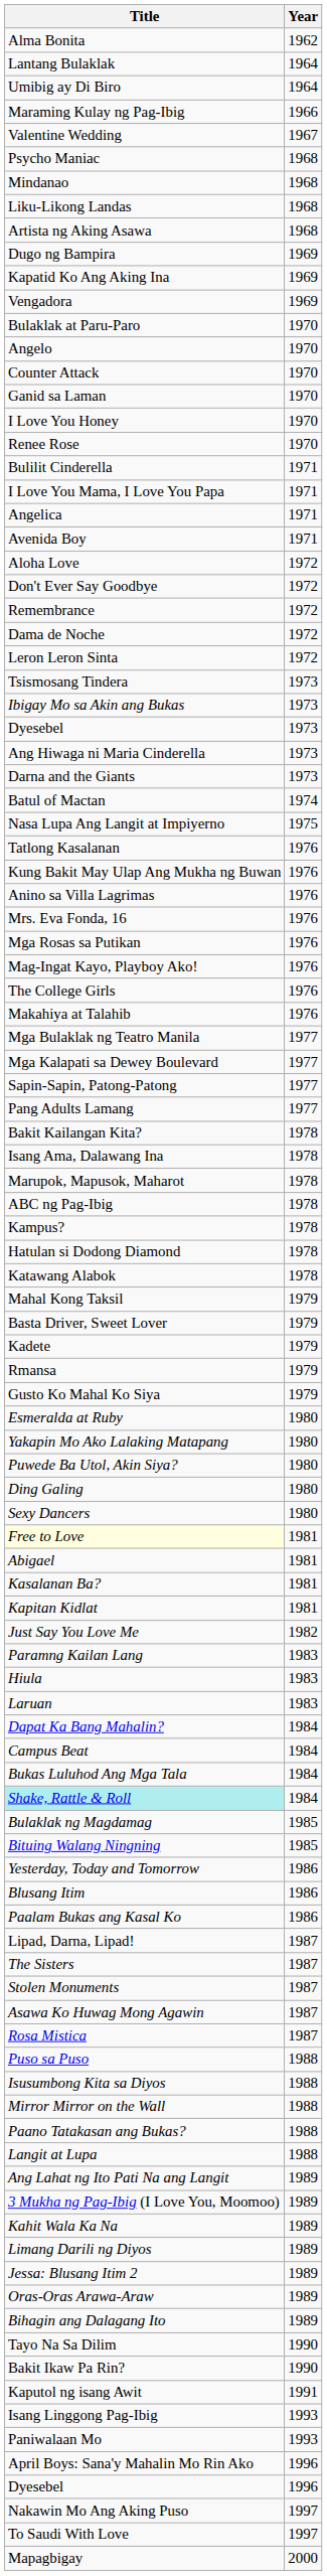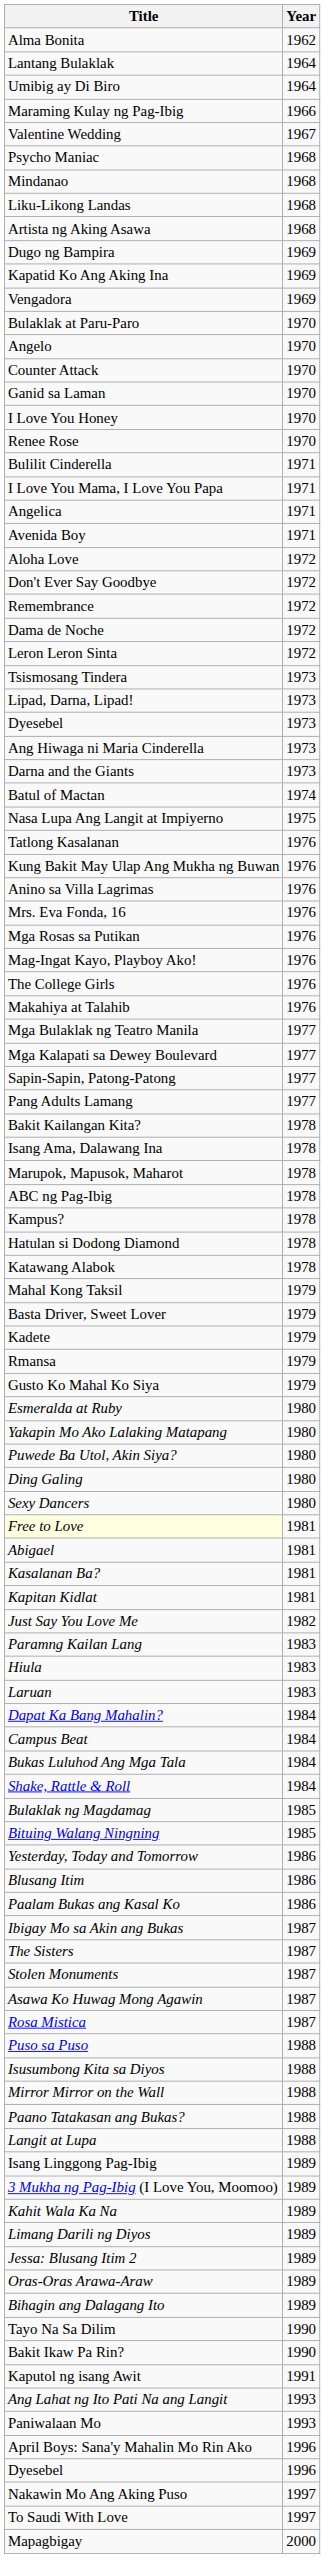 <table class="wikitable">
 <tr>
 <th>Title</th>
 <th>Year</th>
 </tr>
 <tr>
 <td>Alma Bonita</td>
 <td>1962</td>
 </tr>
 <tr>
 <td>Lantang Bulaklak</td>
 <td>1964</td>
 </tr>
 <tr>
 <td>Umibig ay Di Biro</td>
 <td>1964</td>
 </tr>
 <tr>
 <td>Maraming Kulay ng Pag-Ibig</td>
 <td>1966</td>
 </tr>
 <tr>
 <td>Valentine Wedding</td>
 <td>1967</td>
 </tr>
 <tr>
 <td>Psycho Maniac</td>
 <td>1968</td>
 </tr>
 <tr>
 <td>Mindanao</td>
 <td>1968</td>
 </tr>
 <tr>
 <td>Liku-Likong Landas</td>
 <td>1968</td>
 </tr>
 <tr>
 <td>Artista ng Aking Asawa</td>
 <td>1968</td>
 </tr>
 <tr>
 <td>Dugo ng Bampira</td>
 <td>1969</td>
 </tr>
 <tr>
 <td>Kapatid Ko Ang Aking Ina</td>
 <td>1969</td>
 </tr>
 <tr>
 <td>Vengadora</td>
 <td>1969</td>
 </tr>
 <tr>
 <td>Bulaklak at Paru-Paro</td>
 <td>1970</td>
 </tr>
 <tr>
 <td>Angelo</td>
 <td>1970</td>
 </tr>
 <tr>
 <td>Counter Attack</td>
 <td>1970</td>
 </tr>
 <tr>
 <td>Ganid sa Laman</td>
 <td>1970</td>
 </tr>
 <tr>
 <td>I Love You Honey</td>
 <td>1970</td>
 </tr>
 <tr>
 <td>Renee Rose</td>
 <td>1970</td>
 </tr>
 <tr>
 <td>Bulilit Cinderella</td>
 <td>1971</td>
 </tr>
 <tr>
 <td>I Love You Mama, I Love You Papa</td>
 <td>1971</td>
 </tr>
 <tr>
 <td>Angelica</td>
 <td>1971</td>
 </tr>
 <tr>
 <td>Avenida Boy</td>
 <td>1971</td>
 </tr>
 <tr>
 <td>Aloha Love</td>
 <td>1972</td>
 </tr>
 <tr>
 <td>Don't Ever Say Goodbye</td>
 <td>1972</td>
 </tr>
 <tr>
 <td>Remembrance</td>
 <td>1972</td>
 </tr>
 <tr>
 <td>Dama de Noche</td>
 <td>1972</td>
 </tr>
 <tr>
 <td>Leron Leron Sinta</td>
 <td>1972</td>
 </tr>
 <tr>
 <td>Tsismosang Tindera</td>
 <td>1973</td>
 </tr>
 <tr>
-<td><em>Ibigay Mo sa Akin ang Bukas</em></td>
+<td>Lipad, Darna, Lipad!</td>
 <td>1973</td>
 </tr>
 <tr>
 <td>Dyesebel</td>
 <td>1973</td>
 </tr>
 <tr>
 <td>Ang Hiwaga ni Maria Cinderella</td>
 <td>1973</td>
 </tr>
 <tr>
 <td>Darna and the Giants</td>
 <td>1973</td>
 </tr>
 <tr>
 <td>Batul of Mactan</td>
 <td>1974</td>
 </tr>
 <tr>
 <td>Nasa Lupa Ang Langit at Impiyerno</td>
 <td>1975</td>
 </tr>
 <tr>
 <td>Tatlong Kasalanan</td>
 <td>1976</td>
 </tr>
 <tr>
 <td>Kung Bakit May Ulap Ang Mukha ng Buwan</td>
 <td>1976</td>
 </tr>
 <tr>
 <td>Anino sa Villa Lagrimas</td>
 <td>1976</td>
 </tr>
 <tr>
 <td>Mrs. Eva Fonda, 16</td>
 <td>1976</td>
 </tr>
 <tr>
 <td>Mga Rosas sa Putikan</td>
 <td>1976</td>
 </tr>
 <tr>
 <td>Mag-Ingat Kayo, Playboy Ako!</td>
 <td>1976</td>
 </tr>
 <tr>
 <td>The College Girls</td>
 <td>1976</td>
 </tr>
 <tr>
 <td>Makahiya at Talahib</td>
 <td>1976</td>
 </tr>
 <tr>
 <td>Mga Bulaklak ng Teatro Manila</td>
 <td>1977</td>
 </tr>
 <tr>
 <td>Mga Kalapati sa Dewey Boulevard</td>
 <td>1977</td>
 </tr>
 <tr>
 <td>Sapin-Sapin, Patong-Patong</td>
 <td>1977</td>
 </tr>
 <tr>
 <td>Pang Adults Lamang</td>
 <td>1977</td>
 </tr>
 <tr>
 <td>Bakit Kailangan Kita?</td>
 <td>1978</td>
 </tr>
 <tr>
 <td>Isang Ama, Dalawang Ina</td>
 <td>1978</td>
 </tr>
 <tr>
 <td>Marupok, Mapusok, Maharot</td>
 <td>1978</td>
 </tr>
 <tr>
 <td>ABC ng Pag-Ibig</td>
 <td>1978</td>
 </tr>
 <tr>
 <td>Kampus?</td>
 <td>1978</td>
 </tr>
 <tr>
 <td>Hatulan si Dodong Diamond</td>
 <td>1978</td>
 </tr>
 <tr>
 <td>Katawang Alabok</td>
 <td>1978</td>
 </tr>
 <tr>
 <td>Mahal Kong Taksil</td>
 <td>1979</td>
 </tr>
 <tr>
 <td>Basta Driver, Sweet Lover</td>
 <td>1979</td>
 </tr>
 <tr>
 <td>Kadete</td>
 <td>1979</td>
 </tr>
 <tr>
 <td>Rmansa</td>
 <td>1979</td>
 </tr>
 <tr>
 <td>Gusto Ko Mahal Ko Siya</td>
 <td>1979</td>
 </tr>
 <tr>
 <td><em>Esmeralda at Ruby</em></td>
 <td>1980</td>
 </tr>
 <tr>
 <td><em>Yakapin Mo Ako Lalaking Matapang</em></td>
 <td>1980</td>
 </tr>
 <tr>
 <td><em>Puwede Ba Utol, Akin Siya?</em></td>
 <td>1980</td>
 </tr>
 <tr>
 <td><em>Ding Galing</em></td>
 <td>1980</td>
 </tr>
 <tr>
 <td><em>Sexy Dancers</em></td>
 <td>1980</td>
 </tr>
 <tr>
 <td style="background: lightyellow;"><em>Free to Love</em></td>
 <td>1981</td>
 </tr>
 <tr>
 <td><em>Abigael</em></td>
 <td>1981</td>
 </tr>
 <tr>
 <td><em>Kasalanan Ba?</em></td>
 <td>1981</td>
 </tr>
 <tr>
 <td><em>Kapitan Kidlat</em></td>
 <td>1981</td>
 </tr>
 <tr>
 <td><em>Just Say You Love Me</em></td>
 <td>1982</td>
 </tr>
 <tr>
 <td><em>Paramng Kailan Lang</em></td>
 <td>1983</td>
 </tr>
 <tr>
 <td><em>Hiula</em></td>
 <td>1983</td>
 </tr>
 <tr>
 <td><em>Laruan</em></td>
 <td>1983</td>
 </tr>
 <tr>
 <td><em><a href='#'>Dapat Ka Bang Mahalin?</a></em></td>
 <td>1984</td>
 </tr>
 <tr>
 <td><em>Campus Beat</em></td>
 <td>1984</td>
 </tr>
 <tr>
 <td><em>Bukas Luluhod Ang Mga Tala</em></td>
 <td>1984</td>
 </tr>
 <tr>
-<td style="background: paleturquoise;"><em><a href='#'>Shake, Rattle & Roll</a></em></td>
+<td><em><a href='#'>Shake, Rattle & Roll</a></em></td>
 <td>1984</td>
 </tr>
 <tr>
 <td><em>Bulaklak ng Magdamag</em></td>
 <td>1985</td>
 </tr>
 <tr>
 <td><em><a href='#'>Bituing Walang Ningning</a></em></td>
 <td>1985</td>
 </tr>
 <tr>
 <td><em>Yesterday, Today and Tomorrow</em></td>
 <td>1986</td>
 </tr>
 <tr>
 <td><em>Blusang Itim</em></td>
 <td>1986</td>
 </tr>
 <tr>
 <td><em>Paalam Bukas ang Kasal Ko</em></td>
 <td>1986</td>
 </tr>
 <tr>
-<td>Lipad, Darna, Lipad!</td>
+<td><em>Ibigay Mo sa Akin ang Bukas</em></td>
 <td>1987</td>
 </tr>
 <tr>
 <td><em>The Sisters</em></td>
 <td>1987</td>
 </tr>
 <tr>
 <td><em>Stolen Monuments</em></td>
 <td>1987</td>
 </tr>
 <tr>
 <td><em>Asawa Ko Huwag Mong Agawin</em></td>
 <td>1987</td>
 </tr>
 <tr>
 <td><em><a href='#'>Rosa Mistica</a></em> </td>
 <td>1987</td>
 </tr>
 <tr>
 <td><em><a href='#'>Puso sa Puso</a></em> </td>
 <td>1988</td>
 </tr>
 <tr>
 <td><em>Isusumbong Kita sa Diyos</em></td>
 <td>1988</td>
 </tr>
 <tr>
 <td><em>Mirror Mirror on the Wall</em></td>
 <td>1988</td>
 </tr>
 <tr>
 <td><em>Paano Tatakasan ang Bukas?</em></td>
 <td>1988</td>
 </tr>
 <tr>
 <td><em>Langit at Lupa</em></td>
 <td>1988</td>
 </tr>
 <tr>
-<td><em>Ang Lahat ng Ito Pati Na ang Langit</em></td>
+<td>Isang Linggong Pag-Ibig</td>
 <td>1989</td>
 </tr>
 <tr>
 <td><em><a href='#'>3 Mukha ng Pag-Ibig</a></em> (I Love You, Moomoo)</td>
 <td>1989</td>
 </tr>
 <tr>
 <td><em>Kahit Wala Ka Na</em></td>
 <td>1989</td>
 </tr>
 <tr>
 <td><em>Limang Darili ng Diyos</em></td>
 <td>1989</td>
 </tr>
 <tr>
 <td><em>Jessa: Blusang Itim 2</em></td>
 <td>1989</td>
 </tr>
 <tr>
 <td><em>Oras-Oras Arawa-Araw</em></td>
 <td>1989</td>
 </tr>
 <tr>
 <td><em>Bihagin ang Dalagang Ito</em></td>
 <td>1989</td>
 </tr>
 <tr>
 <td>Tayo Na Sa Dilim</td>
 <td>1990</td>
 </tr>
 <tr>
 <td>Bakit Ikaw Pa Rin?</td>
 <td>1990</td>
 </tr>
 <tr>
 <td>Kaputol ng isang Awit</td>
 <td>1991</td>
 </tr>
 <tr>
-<td>Isang Linggong Pag-Ibig</td>
+<td><em>Ang Lahat ng Ito Pati Na ang Langit</em></td>
 <td>1993</td>
 </tr>
 <tr>
 <td>Paniwalaan Mo</td>
 <td>1993</td>
 </tr>
 <tr>
 <td>April Boys: Sana'y Mahalin Mo Rin Ako</td>
 <td>1996</td>
 </tr>
 <tr>
 <td>Dyesebel</td>
 <td>1996</td>
 </tr>
 <tr>
 <td>Nakawin Mo Ang Aking Puso</td>
 <td>1997</td>
 </tr>
 <tr>
 <td>To Saudi With Love</td>
 <td>1997</td>
 </tr>
 <tr>
 <td>Mapagbigay</td>
 <td>2000</td>
 </tr>
 </table>
